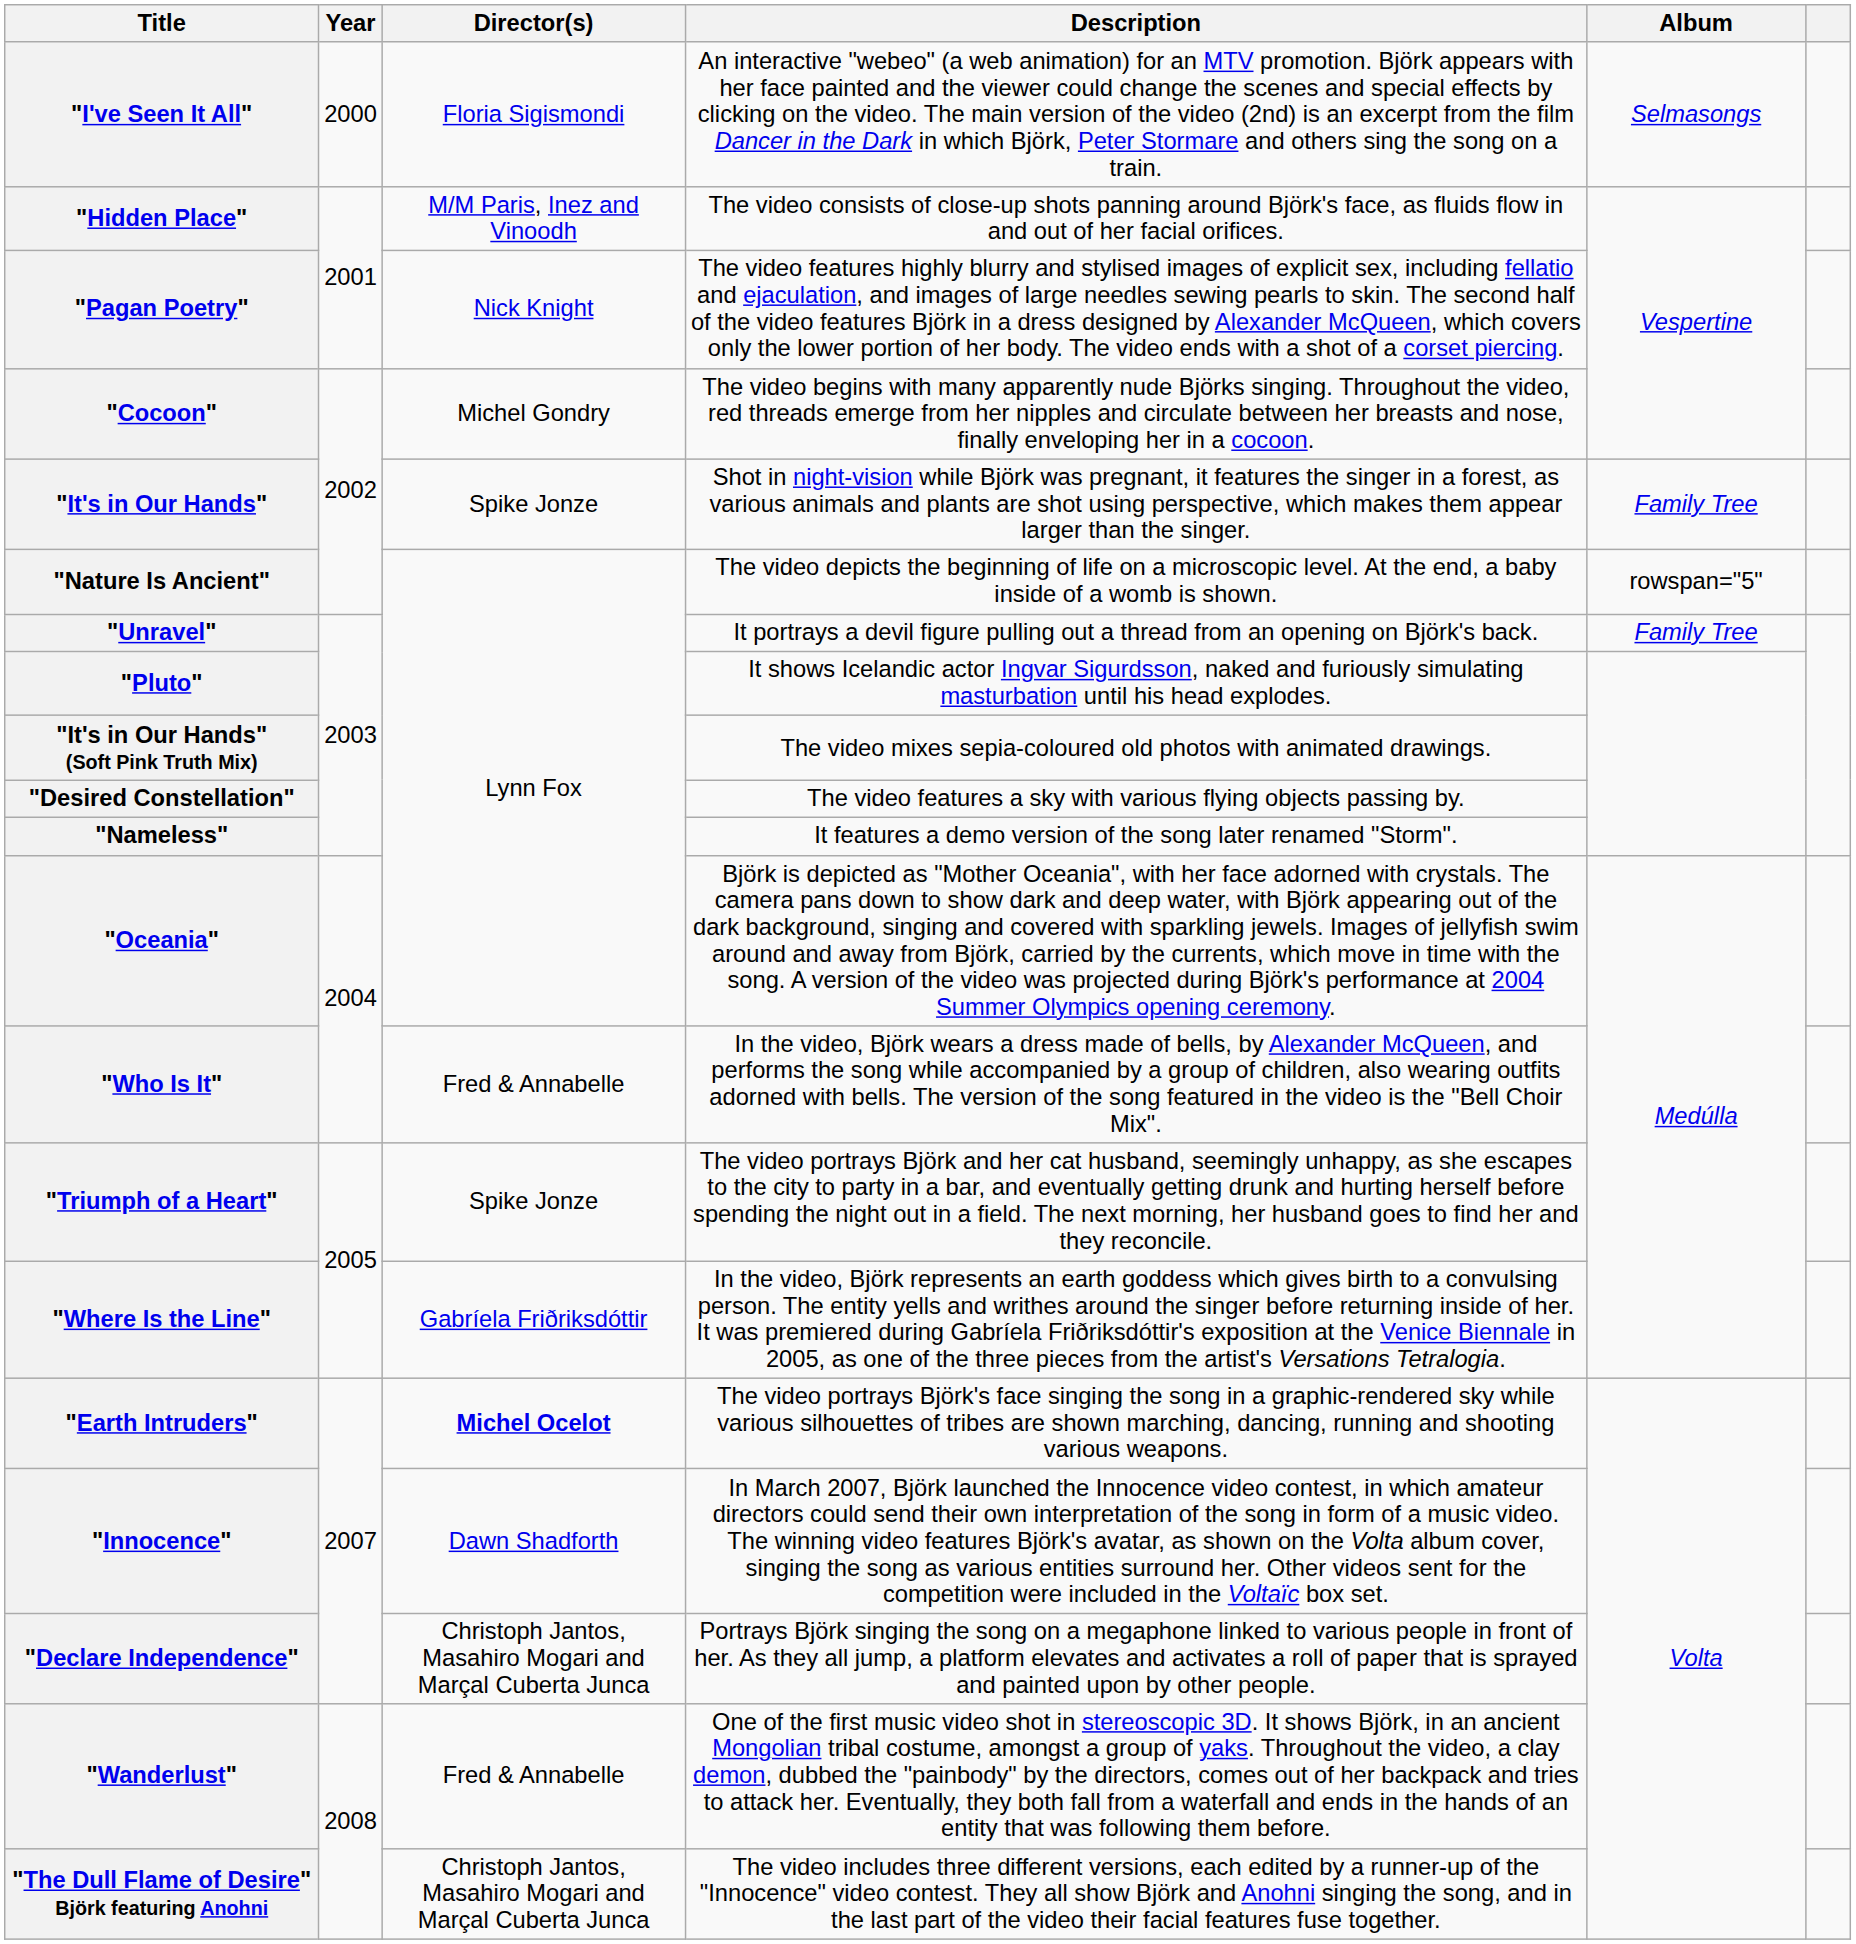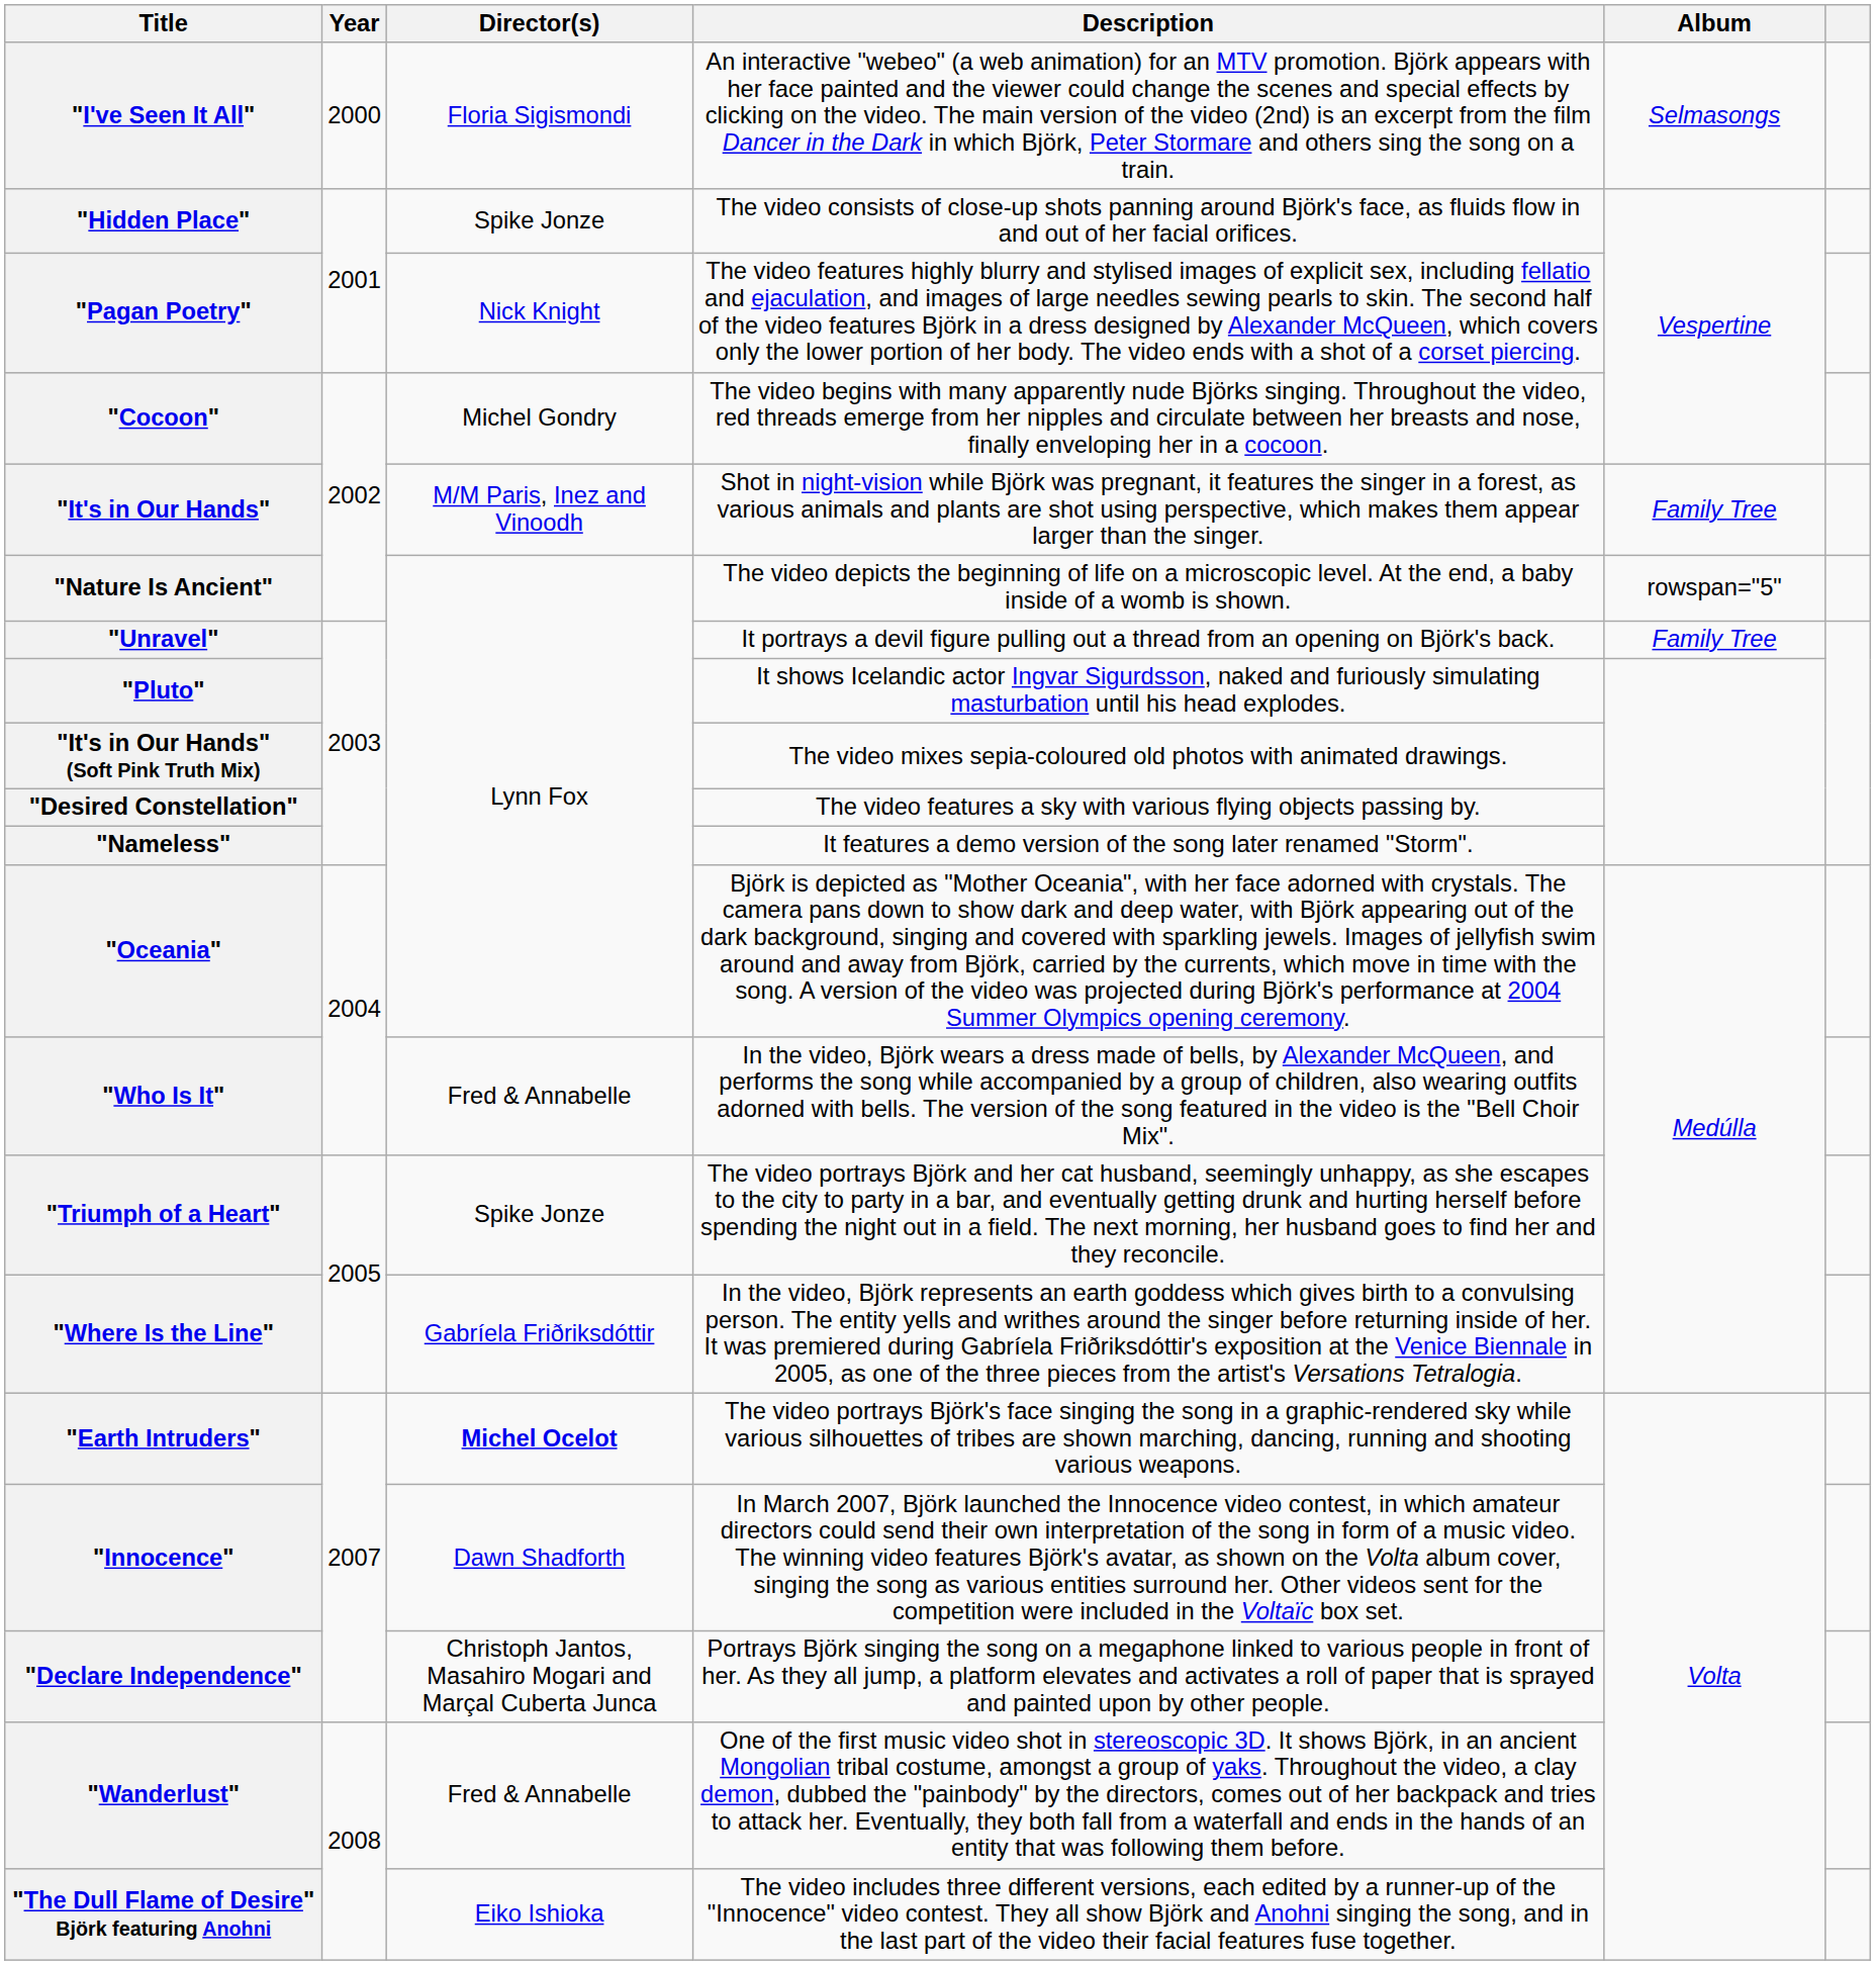 <table class="wikitable sortable plainrowheaders" style="text-align:center;">
 <tr>
 <th scope="col" style="width:15em;">Title</th>
 <th scope="col" style="width:2em;">Year</th>
 <th scope="col" style="width:15em;">Director(s)</th>
 <th scope="col" style="width:50em;" class="unsortable">Description</th>
 <th scope="col" style="width:10em;">Album</th>
 <th scope="col" style="width:2em;" class="unsortable"></th>
 </tr>
 <tr>
 <th scope="row">"<a href='#'>I've Seen It All</a>"</th>
 <td>2000</td>
 <td><a href='#'>Floria Sigismondi</a></td>
 <td>An interactive "webeo" (a web animation) for an <a href='#'>MTV</a> promotion. Björk appears with her face painted and the viewer could change the scenes and special effects by clicking on the video. The main version of the video (2nd) is an excerpt from the film <em><a href='#'>Dancer in the Dark</a></em> in which Björk, <a href='#'>Peter Stormare</a> and others sing the song on a train.</td>
 <td><em><a href='#'>Selmasongs</a></em></td>
 <td style="text-align:center;"></td>
 </tr>
 <tr>
 <th scope="row">"<a href='#'>Hidden Place</a>"</th>
 <td rowspan="2">2001</td>
-<td><a href='#'>M/M Paris</a>, <a href='#'>Inez and Vinoodh</a></td>
+<td>Spike Jonze</td>
 <td>The video consists of close-up shots panning around Björk's face, as fluids flow in and out of her facial orifices.</td>
 <td rowspan="3"><em><a href='#'>Vespertine</a></em></td>
 <td style="text-align:center;"></td>
 </tr>
 <tr>
 <th scope="row">"<a href='#'>Pagan Poetry</a>"</th>
 <td><a href='#'>Nick Knight</a></td>
 <td>The video features highly blurry and stylised images of explicit sex, including <a href='#'>fellatio</a> and <a href='#'>ejaculation</a>, and images of large needles sewing pearls to skin. The second half of the video features Björk in a dress designed by <a href='#'>Alexander McQueen</a>, which covers only the lower portion of her body. The video ends with a shot of a <a href='#'>corset piercing</a>.</td>
 <td style="text-align:center;"><br><br><br></td>
 </tr>
 <tr>
 <th scope="row">"<a href='#'>Cocoon</a>"</th>
 <td rowspan="3">2002</td>
 <td>Michel Gondry</td>
 <td>The video begins with many apparently nude Björks singing. Throughout the video, red threads emerge from her nipples and circulate between her breasts and nose, finally enveloping her in a <a href='#'>cocoon</a>.</td>
 <td style="text-align:center;"><br></td>
 </tr>
 <tr>
 <th scope="row">"<a href='#'>It's in Our Hands</a>"</th>
-<td>Spike Jonze</td>
+<td><a href='#'>M/M Paris</a>, <a href='#'>Inez and Vinoodh</a></td>
 <td>Shot in <a href='#'>night-vision</a> while Björk was pregnant, it features the singer in a forest, as various animals and plants are shot using perspective, which makes them appear larger than the singer.</td>
 <td><em><a href='#'>Family Tree</a></em></td>
 <td style="text-align:center;"></td>
 </tr>
 <tr>
 <th scope="row">"Nature Is Ancient"</th>
 <td rowspan="7">Lynn Fox</td>
 <td>The video depicts the beginning of life on a microscopic level. At the end, a baby inside of a womb is shown.</td>
 <td>rowspan="5" </td>
 <td style="text-align:center;"></td>
 </tr>
 <tr>
 <th scope="row">"<a href='#'>Unravel</a>"</th>
 <td rowspan="5">2003</td>
 <td>It portrays a devil figure pulling out a thread from an opening on Björk's back.</td>
 <td><em><a href='#'>Family Tree</a></em></td>
 <td style="text-align:center;" rowspan=5><br><br></td>
 </tr>
 <tr>
 <th scope="row">"<a href='#'>Pluto</a>"</th>
 <td>It shows Icelandic actor <a href='#'>Ingvar Sigurdsson</a>, naked and furiously simulating <a href='#'>masturbation</a> until his head explodes.</td>
 </tr>
 <tr>
 <th scope="row">"It's in Our Hands"<br><small> (Soft Pink Truth Mix)</small></th>
 <td>The video mixes sepia-coloured old photos with animated drawings.</td>
 </tr>
 <tr>
 <th scope="row">"Desired Constellation"</th>
 <td>The video features a sky with various flying objects passing by.</td>
 </tr>
 <tr>
 <th scope="row">"Nameless"</th>
 <td>It features a demo version of the song later renamed "Storm".</td>
 </tr>
 <tr>
 <th scope="row">"<a href='#'>Oceania</a>"</th>
 <td rowspan="2">2004</td>
 <td>Björk is depicted as "Mother Oceania", with her face adorned with crystals. The camera pans down to show dark and deep water, with Björk appearing out of the dark background, singing and covered with sparkling jewels. Images of jellyfish swim around and away from Björk, carried by the currents, which move in time with the song. A version of the video was projected during Björk's performance at <a href='#'>2004 Summer Olympics opening ceremony</a>.</td>
 <td rowspan="4"><em><a href='#'>Medúlla</a></em></td>
 <td style="text-align:center;"></td>
 </tr>
 <tr>
 <th scope="row">"<a href='#'>Who Is It</a>"</th>
 <td>Fred & Annabelle</td>
 <td>In the video, Björk wears a dress made of bells, by <a href='#'>Alexander McQueen</a>, and performs the song while accompanied by a group of children, also wearing outfits adorned with bells. The version of the song featured in the video is the "Bell Choir Mix".</td>
 <td style="text-align:center;"><br></td>
 </tr>
 <tr>
 <th scope="row">"<a href='#'>Triumph of a Heart</a>"</th>
 <td rowspan="2">2005</td>
 <td>Spike Jonze</td>
 <td>The video portrays Björk and her cat husband, seemingly unhappy, as she escapes to the city to party in a bar, and eventually getting drunk and hurting herself before spending the night out in a field. The next morning, her husband goes to find her and they reconcile.</td>
 <td style="text-align:center;"><br></td>
 </tr>
 <tr>
 <th scope="row">"<a href='#'>Where Is the Line</a>"</th>
 <td><a href='#'>Gabríela Friðriksdóttir</a></td>
 <td>In the video, Björk represents an earth goddess which gives birth to a convulsing person. The entity yells and writhes around the singer before returning inside of her. It was premiered during Gabríela Friðriksdóttir's exposition at the <a href='#'>Venice Biennale</a> in 2005, as one of the three pieces from the artist's <em>Versations Tetralogia</em>.</td>
 <td style="text-align:center;"><br></td>
 </tr>
 <tr>
 <th scope="row">"<a href='#'>Earth Intruders</a>"</th>
 <td rowspan="3">2007</td>
 <td><strong><a href='#'>Michel Ocelot</a></strong></td>
 <td>The video portrays Björk's face singing the song in a graphic-rendered sky while various silhouettes of tribes are shown marching, dancing, running and shooting various weapons.</td>
 <td rowspan="5"><em><a href='#'>Volta</a></em></td>
 <td style="text-align:center;"><br></td>
 </tr>
 <tr>
 <th scope="row">"<a href='#'>Innocence</a>"</th>
 <td><a href='#'>Dawn Shadforth</a></td>
 <td>In March 2007, Björk launched the Innocence video contest, in which amateur directors could send their own interpretation of the song in form of a music video. The winning video features Björk's avatar, as shown on the <em>Volta</em> album cover, singing the song as various entities surround her. Other videos sent for the competition were included in the <em><a href='#'>Voltaïc</a></em> box set.</td>
 <td style="text-align:center;"><br></td>
 </tr>
 <tr>
 <th scope="row">"<a href='#'>Declare Independence</a>"</th>
 <td>Christoph Jantos, <br>Masahiro Mogari and<br>Marçal Cuberta Junca</td>
 <td>Portrays Björk singing the song on a megaphone linked to various people in front of her. As they all jump, a platform elevates and activates a roll of paper that is sprayed and painted upon by other people.</td>
 <td style="text-align:center;"><br><br></td>
 </tr>
 <tr>
 <th scope="row">"<a href='#'>Wanderlust</a>"</th>
 <td rowspan="2">2008</td>
 <td>Fred & Annabelle</td>
 <td>One of the first music video shot in <a href='#'>stereoscopic 3D</a>. It shows Björk, in an ancient <a href='#'>Mongolian</a> tribal costume, amongst a group of <a href='#'>yaks</a>. Throughout the video, a clay <a href='#'>demon</a>, dubbed the "painbody" by the directors, comes out of her backpack and tries to attack her. Eventually, they both fall from a waterfall and ends in the hands of an entity that was following them before.</td>
 <td style="text-align:center;"><br><br><br></td>
 </tr>
 <tr>
 <th scope="row">"<a href='#'>The Dull Flame of Desire</a>"<br><small>Björk featuring <a href='#'>Anohni</a></small></th>
-<td>Christoph Jantos, <br>Masahiro Mogari and<br>Marçal Cuberta Junca</td>
+<td><a href='#'>Eiko Ishioka</a></td>
 <td>The video includes three different versions, each edited by a runner-up of the "Innocence" video contest. They all show Björk and <a href='#'>Anohni</a> singing the song, and in the last part of the video their facial features fuse together.</td>
 <td style="text-align:center;"></td>
 </tr>
 </table>
